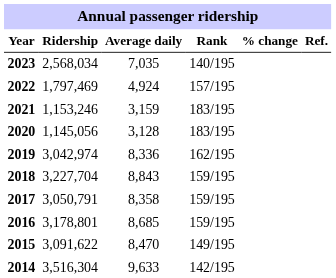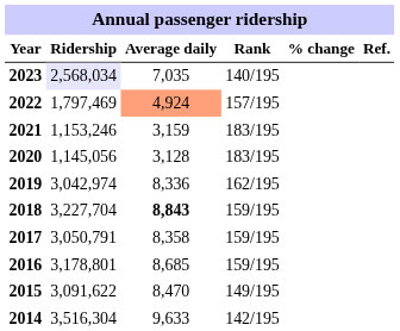 <table class="toccolours" cellpadding="4" cellspacing="0" style="text-align:right;">
 <tr>
 <th colspan="6"  style="background-color:#ccf; background-color:#ccf; font-size:110%; text-align:center;">Annual passenger ridership</th>
 </tr>
 <tr style="font-size:95%; text-align:center">
 <th style="border-bottom:1px solid black">Year</th>
 <th style="border-bottom:1px solid black">Ridership</th>
 <th style="border-bottom:1px solid black">Average daily</th>
 <th style="border-bottom:1px solid black">Rank</th>
 <th style="border-bottom:1px solid black">% change</th>
 <th style="border-bottom:1px solid black">Ref.</th>
 </tr>
 <tr style="text-align:center;">
 <td><strong>2023</strong></td>
-<td>2,568,034</td>
+<td style="background: lavender;">2,568,034</td>
 <td>7,035</td>
 <td>140/195</td>
 <td></td>
 <td></td>
 </tr>
 <tr style="text-align:center;">
 <td><strong>2022</strong></td>
 <td>1,797,469</td>
-<td>4,924</td>
+<td style="background: lightsalmon;">4,924</td>
 <td>157/195</td>
 <td></td>
 <td></td>
 </tr>
 <tr style="text-align:center;">
 <td><strong>2021</strong></td>
 <td>1,153,246</td>
 <td>3,159</td>
 <td>183/195</td>
 <td></td>
 <td></td>
 </tr>
 <tr style="text-align:center;">
 <td><strong>2020</strong></td>
 <td>1,145,056</td>
 <td>3,128</td>
 <td>183/195</td>
 <td></td>
 <td></td>
 </tr>
 <tr style="text-align:center;">
 <td><strong>2019</strong></td>
 <td>3,042,974</td>
 <td>8,336</td>
 <td>162/195</td>
 <td></td>
 <td></td>
 </tr>
 <tr style="text-align:center;">
 <td><strong>2018</strong></td>
 <td>3,227,704</td>
-<td>8,843</td>
+<td><strong>8,843</strong></td>
 <td>159/195</td>
 <td></td>
 <td></td>
 </tr>
 <tr style="text-align:center;">
 <td><strong>2017</strong></td>
 <td>3,050,791</td>
 <td>8,358</td>
 <td>159/195</td>
 <td></td>
 <td></td>
 </tr>
 <tr style="text-align:center;">
 <td><strong>2016</strong></td>
 <td>3,178,801</td>
 <td>8,685</td>
 <td>159/195</td>
 <td></td>
 <td></td>
 </tr>
 <tr style="text-align:center;">
 <td><strong>2015</strong></td>
 <td>3,091,622</td>
 <td>8,470</td>
 <td>149/195</td>
 <td></td>
 <td></td>
 </tr>
 <tr style="text-align:center;">
 <td><strong>2014</strong></td>
 <td>3,516,304</td>
 <td>9,633</td>
 <td>142/195</td>
 <td></td>
 <td></td>
 </tr>
 </table>
